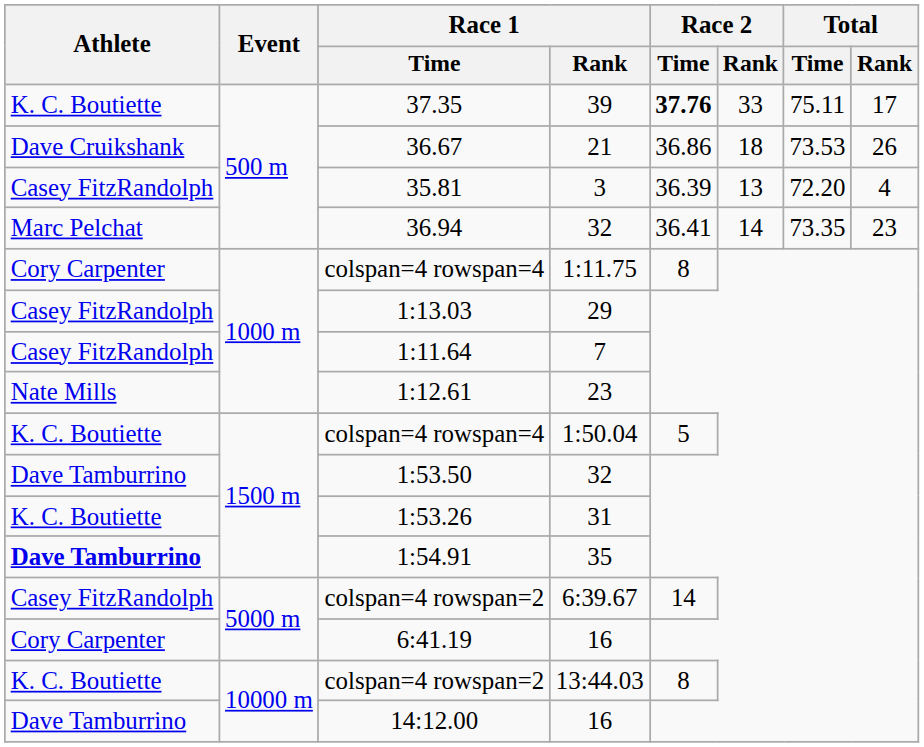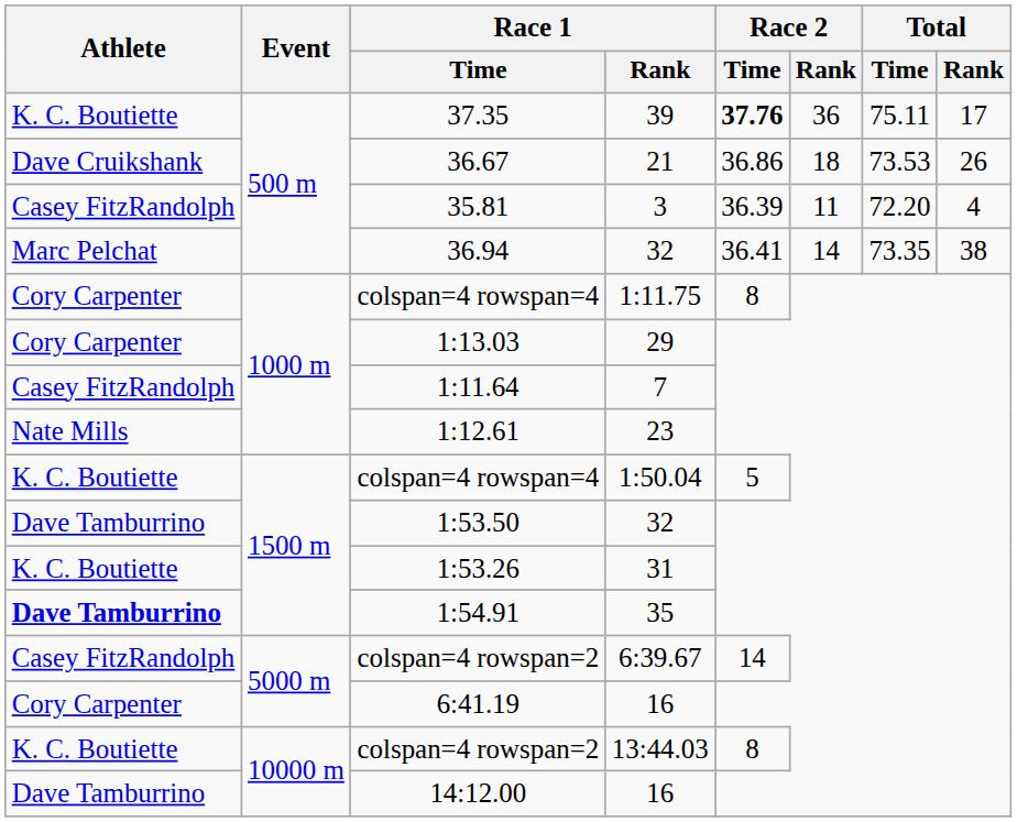 <table class=wikitable style=font-size:90%;text-align:center>
 <tr>
 <th rowspan=2>Athlete</th>
 <th rowspan=2>Event</th>
 <th colspan=2>Race 1</th>
 <th colspan=2>Race 2</th>
 <th colspan=2>Total</th>
 </tr>
 <tr style=font-size:95%>
 <th>Time</th>
 <th>Rank</th>
 <th>Time</th>
 <th>Rank</th>
 <th>Time</th>
 <th>Rank</th>
 </tr>
 <tr>
 <td align=left><a href='#'>K. C. Boutiette</a></td>
 <td align=left rowspan=4><a href='#'>500 m</a></td>
 <td>37.35</td>
 <td>39</td>
 <td><strong>37.76</strong></td>
-<td>33</td>
+<td>36</td>
 <td>75.11</td>
 <td>17</td>
 </tr>
 <tr>
 <td align=left><a href='#'>Dave Cruikshank</a></td>
 <td>36.67</td>
 <td>21</td>
 <td>36.86</td>
 <td>18</td>
 <td>73.53</td>
 <td>26</td>
 </tr>
 <tr>
 <td align=left><a href='#'>Casey FitzRandolph</a></td>
 <td>35.81</td>
 <td>3</td>
 <td>36.39</td>
-<td>13</td>
+<td>11</td>
 <td>72.20</td>
 <td>4</td>
 </tr>
 <tr>
 <td align=left><a href='#'>Marc Pelchat</a></td>
 <td>36.94</td>
 <td>32</td>
 <td>36.41</td>
 <td>14</td>
 <td>73.35</td>
-<td>23</td>
+<td>38</td>
 </tr>
 <tr>
 <td align=left><a href='#'>Cory Carpenter</a></td>
 <td rowspan=4 align=left><a href='#'>1000 m</a></td>
 <td>colspan=4 rowspan=4 </td>
 <td>1:11.75</td>
 <td>8</td>
 </tr>
 <tr>
-<td align=left><a href='#'>Casey FitzRandolph</a></td>
+<td align=left><a href='#'>Cory Carpenter</a></td>
 <td>1:13.03</td>
 <td>29</td>
 </tr>
 <tr>
 <td align=left><a href='#'>Casey FitzRandolph</a></td>
 <td>1:11.64</td>
 <td>7</td>
 </tr>
 <tr>
 <td align=left><a href='#'>Nate Mills</a></td>
 <td>1:12.61</td>
 <td>23</td>
 </tr>
 <tr>
 <td align=left><a href='#'>K. C. Boutiette</a></td>
 <td rowspan=4 align=left><a href='#'>1500 m</a></td>
 <td>colspan=4 rowspan=4 </td>
 <td>1:50.04</td>
 <td>5</td>
 </tr>
 <tr>
 <td align=left><a href='#'>Dave Tamburrino</a></td>
 <td>1:53.50</td>
 <td>32</td>
 </tr>
 <tr>
 <td align=left><a href='#'>K. C. Boutiette</a></td>
 <td>1:53.26</td>
 <td>31</td>
 </tr>
 <tr>
 <td align=left><strong><a href='#'>Dave Tamburrino</a></strong></td>
 <td>1:54.91</td>
 <td>35</td>
 </tr>
 <tr>
 <td align=left><a href='#'>Casey FitzRandolph</a></td>
 <td align=left rowspan=2><a href='#'>5000 m</a></td>
 <td>colspan=4 rowspan=2 </td>
 <td>6:39.67</td>
 <td>14</td>
 </tr>
 <tr>
 <td align=left><a href='#'>Cory Carpenter</a></td>
 <td>6:41.19</td>
 <td>16</td>
 </tr>
 <tr>
 <td align=left><a href='#'>K. C. Boutiette</a></td>
 <td align=left rowspan=2><a href='#'>10000 m</a></td>
 <td>colspan=4 rowspan=2 </td>
 <td>13:44.03</td>
 <td>8</td>
 </tr>
 <tr>
 <td align=left><a href='#'>Dave Tamburrino</a></td>
 <td>14:12.00</td>
 <td>16</td>
 </tr>
 </table>
